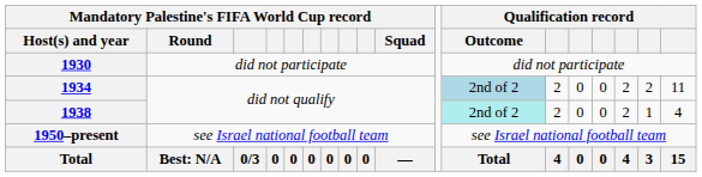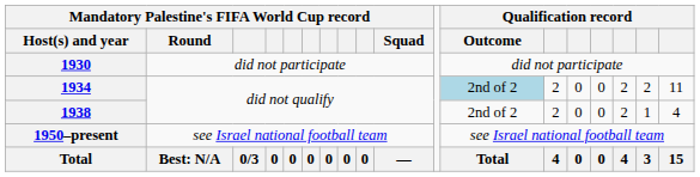 <table class="wikitable" style="text-align: center;">
 <tr>
 <th colspan="10">Mandatory Palestine's FIFA World Cup record</th>
 <td rowspan="25" width="1%"></td>
 <th colspan="7">Qualification record</th>
 </tr>
 <tr>
 <th>Host(s) and year</th>
 <th>Round</th>
 <th></th>
 <th></th>
 <th></th>
 <th></th>
 <th></th>
 <th></th>
 <th></th>
 <th>Squad</th>
 <th>Outcome</th>
 <th></th>
 <th></th>
 <th></th>
 <th></th>
 <th></th>
 <th></th>
 </tr>
 <tr>
 <th> <a href='#'>1930</a></th>
 <td colspan="9"><em>did not participate</em></td>
 <td colspan="7"><em>did not participate</em></td>
 </tr>
 <tr>
 <th> <a href='#'>1934</a></th>
 <td colspan="9" rowspan="2"><em>did not qualify</em></td>
 <td style="background: lightblue;">2nd of 2</td>
 <td>2</td>
 <td>0</td>
 <td>0</td>
 <td>2</td>
 <td>2</td>
 <td>11</td>
 </tr>
 <tr>
 <th> <a href='#'>1938</a></th>
-<td style="background: paleturquoise;">2nd of 2</td>
+<td>2nd of 2</td>
 <td>2</td>
 <td>0</td>
 <td>0</td>
 <td>2</td>
 <td>1</td>
 <td>4</td>
 </tr>
 <tr>
 <th><a href='#'>1950</a>–present</th>
 <td colspan="9"><em>see <a href='#'>Israel national football team</a></em></td>
 <td colspan="7"><em>see <a href='#'>Israel national football team</a></em></td>
 </tr>
 <tr>
 <th><strong>Total</strong></th>
 <th>Best: N/A</th>
 <th>0/3</th>
 <th>0</th>
 <th><strong>0</strong></th>
 <th><strong>0</strong></th>
 <th><strong>0</strong></th>
 <th><strong>0</strong></th>
 <th><strong>0</strong></th>
 <th>—</th>
 <th>Total</th>
 <th><strong>4</strong></th>
 <th><strong>0</strong></th>
 <th><strong>0</strong></th>
 <th><strong>4</strong></th>
 <th><strong>3</strong></th>
 <th><strong>15</strong></th>
 </tr>
 </table>
